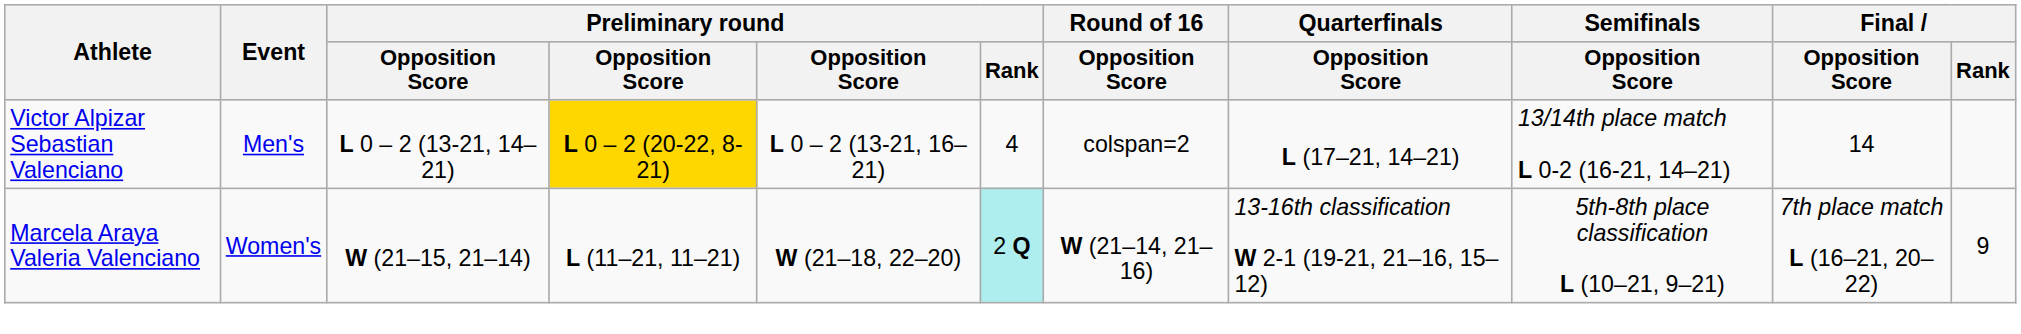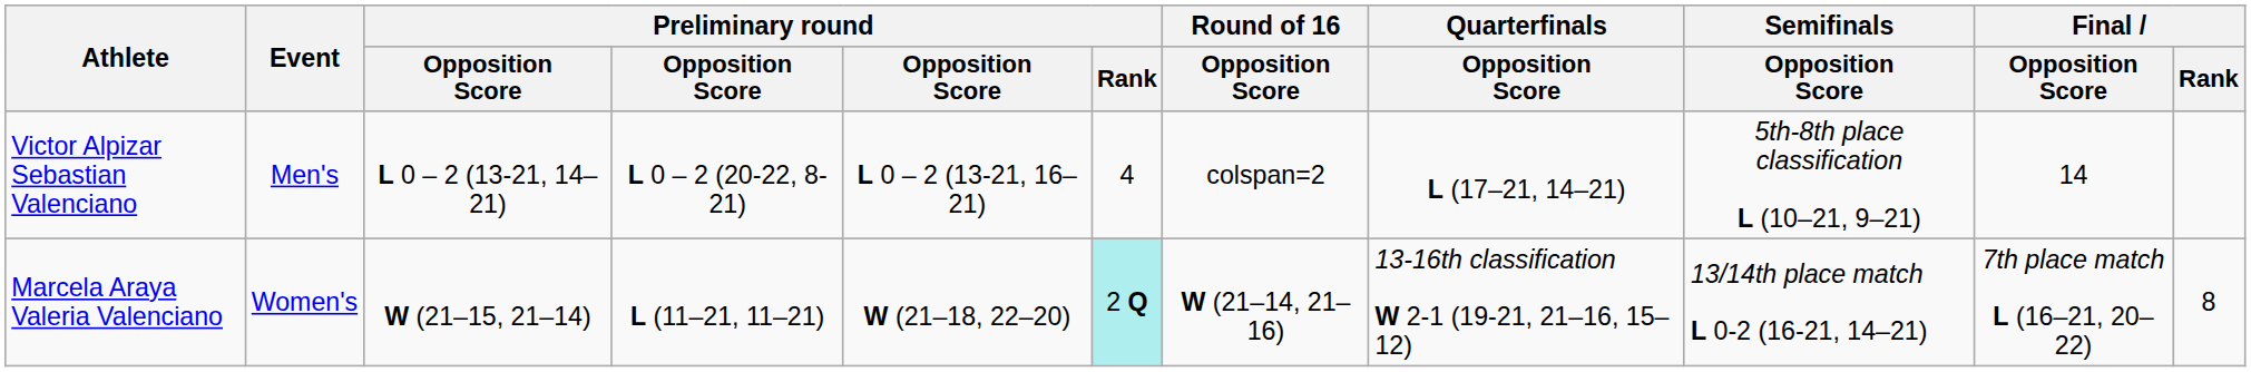 <table class=wikitable style="font-size:90%">
 <tr>
 <th rowspan="2">Athlete</th>
 <th rowspan="2">Event</th>
 <th colspan="4">Preliminary round</th>
 <th>Round of 16</th>
 <th>Quarterfinals</th>
 <th>Semifinals</th>
 <th colspan=2>Final / </th>
 </tr>
 <tr style="font-size:95%">
 <th>Opposition<br>Score</th>
 <th>Opposition<br>Score</th>
 <th>Opposition<br>Score</th>
 <th>Rank</th>
 <th>Opposition<br>Score</th>
 <th>Opposition<br>Score</th>
 <th>Opposition<br>Score</th>
 <th>Opposition<br>Score</th>
 <th>Rank</th>
 </tr>
 <tr align=center>
 <td align=left><a href='#'>Victor Alpizar</a><br><a href='#'>Sebastian Valenciano</a></td>
 <td><a href='#'>Men's</a></td>
 <td><br><strong>L</strong> 0 – 2 (13-21, 14–21)</td>
-<td style="background: gold;"><br><strong>L</strong> 0 – 2 (20-22, 8-21)</td>
+<td><br><strong>L</strong> 0 – 2 (20-22, 8-21)</td>
 <td><br><strong>L</strong> 0 – 2 (13-21, 16–21)</td>
 <td>4</td>
 <td>colspan=2 </td>
 <td><br><strong>L</strong> (17–21, 14–21)</td>
-<td align=left><em>13/14th place match</em><br> <br><strong>L</strong> 0-2 (16-21, 14–21)</td>
+<td><em>5th-8th place classification</em><br><br><strong>L</strong> (10–21, 9–21)</td>
 <td>14</td>
 </tr>
 <tr align=center>
 <td align=left><a href='#'>Marcela Araya</a><br><a href='#'>Valeria Valenciano</a></td>
 <td align=left><a href='#'>Women's</a></td>
 <td><br><strong>W</strong> (21–15, 21–14)</td>
 <td><br><strong>L</strong> (11–21, 11–21)</td>
 <td><br><strong>W</strong> (21–18, 22–20)</td>
 <td style="background: paleturquoise;">2 <strong>Q</strong></td>
 <td><br><strong>W</strong> (21–14, 21–16)</td>
 <td align=left><em>13-16th classification</em><br><br> <strong>W</strong> 2-1 (19-21, 21–16, 15–12)</td>
-<td><em>5th-8th place classification</em><br><br><strong>L</strong> (10–21, 9–21)</td>
+<td align=left><em>13/14th place match</em><br> <br><strong>L</strong> 0-2 (16-21, 14–21)</td>
 <td><em>7th place match</em><br><br><strong>L</strong> (16–21, 20–22)</td>
-<td>9</td>
+<td>8</td>
 </tr>
 </table>
